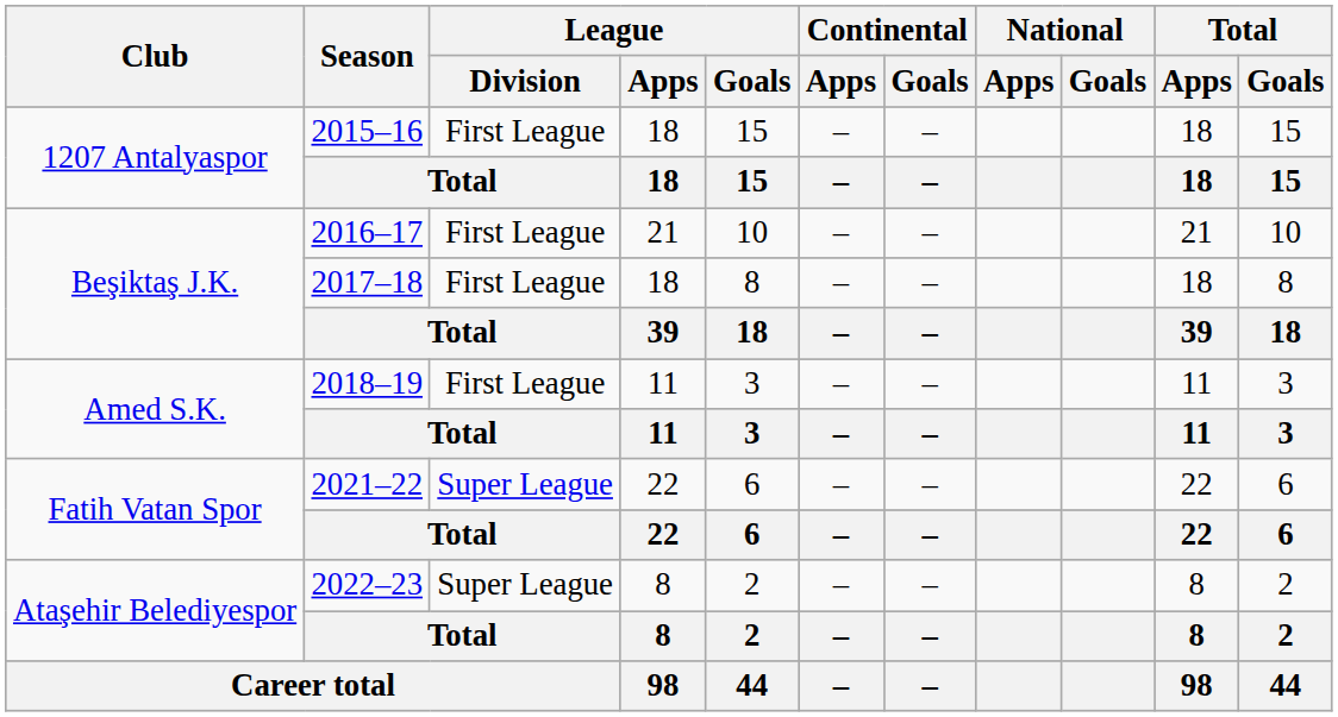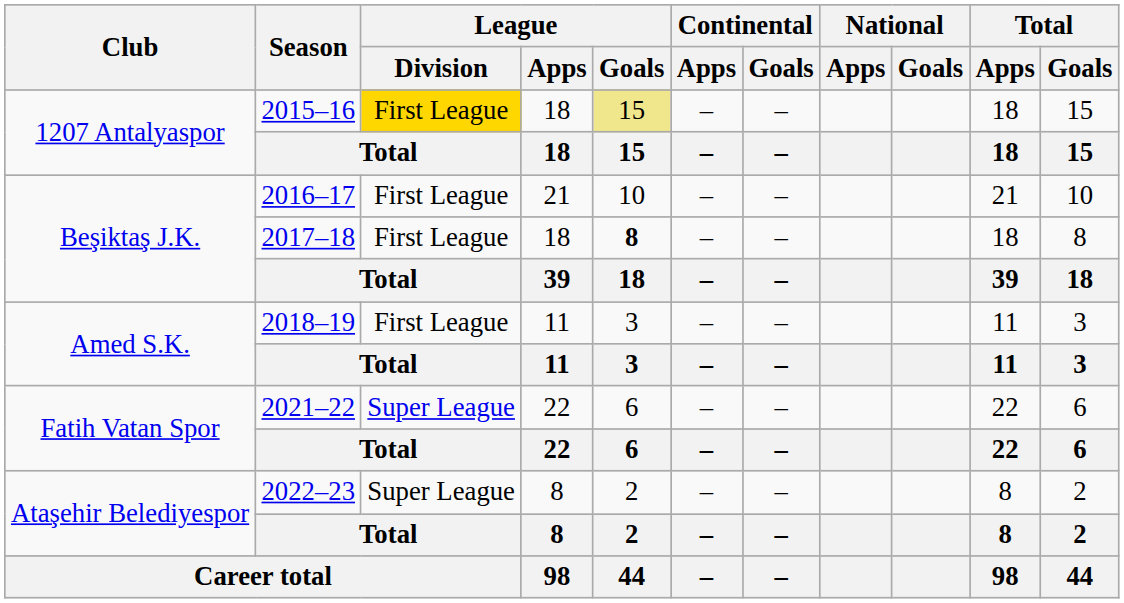 <table class="wikitable" style="text-align: center;">
 <tr>
 <th rowspan="2">Club</th>
 <th rowspan="2">Season</th>
 <th colspan="3">League</th>
 <th colspan="2">Continental</th>
 <th colspan="2">National</th>
 <th colspan="2">Total</th>
 </tr>
 <tr>
 <th>Division</th>
 <th>Apps</th>
 <th>Goals</th>
 <th>Apps</th>
 <th>Goals</th>
 <th>Apps</th>
 <th>Goals</th>
 <th>Apps</th>
 <th>Goals</th>
 </tr>
 <tr>
 <td rowspan=2><a href='#'>1207 Antalyaspor</a></td>
 <td><a href='#'>2015–16</a></td>
-<td>First League</td>
+<td style="background: gold;">First League</td>
 <td>18</td>
-<td>15</td>
+<td style="background: khaki;">15</td>
 <td>–</td>
 <td>–</td>
 <td></td>
 <td></td>
 <td>18</td>
 <td>15</td>
 </tr>
 <tr>
 <th colspan="2">Total</th>
 <th>18</th>
 <th>15</th>
 <th>–</th>
 <th>–</th>
 <th></th>
 <th></th>
 <th>18</th>
 <th>15</th>
 </tr>
 <tr>
 <td rowspan=3><a href='#'>Beşiktaş J.K.</a></td>
 <td><a href='#'>2016–17</a></td>
 <td>First League</td>
 <td>21</td>
 <td>10</td>
 <td>–</td>
 <td>–</td>
 <td></td>
 <td></td>
 <td>21</td>
 <td>10</td>
 </tr>
 <tr>
 <td><a href='#'>2017–18</a></td>
 <td>First League</td>
 <td>18</td>
-<td>8</td>
+<td><strong>8</strong></td>
 <td>–</td>
 <td>–</td>
 <td></td>
 <td></td>
 <td>18</td>
 <td>8</td>
 </tr>
 <tr>
 <th colspan="2">Total</th>
 <th>39</th>
 <th>18</th>
 <th>–</th>
 <th>–</th>
 <th></th>
 <th></th>
 <th>39</th>
 <th>18</th>
 </tr>
 <tr>
 <td rowspan=2><a href='#'>Amed S.K.</a></td>
 <td><a href='#'>2018–19</a></td>
 <td>First League</td>
 <td>11</td>
 <td>3</td>
 <td>–</td>
 <td>–</td>
 <td></td>
 <td></td>
 <td>11</td>
 <td>3</td>
 </tr>
 <tr>
 <th colspan="2">Total</th>
 <th>11</th>
 <th>3</th>
 <th>–</th>
 <th>–</th>
 <th></th>
 <th></th>
 <th>11</th>
 <th>3</th>
 </tr>
 <tr>
 <td rowspan=2><a href='#'>Fatih Vatan Spor</a></td>
 <td><a href='#'>2021–22</a></td>
 <td><a href='#'>Super League</a></td>
 <td>22</td>
 <td>6</td>
 <td>–</td>
 <td>–</td>
 <td></td>
 <td></td>
 <td>22</td>
 <td>6</td>
 </tr>
 <tr>
 <th colspan=2>Total</th>
 <th>22</th>
 <th>6</th>
 <th>–</th>
 <th>–</th>
 <th></th>
 <th></th>
 <th>22</th>
 <th>6</th>
 </tr>
 <tr>
 <td rowspan=2><a href='#'>Ataşehir Belediyespor</a></td>
 <td><a href='#'>2022–23</a></td>
 <td>Super League</td>
 <td>8</td>
 <td>2</td>
 <td>–</td>
 <td>–</td>
 <td></td>
 <td></td>
 <td>8</td>
 <td>2</td>
 </tr>
 <tr>
 <th colspan=2>Total</th>
 <th>8</th>
 <th>2</th>
 <th>–</th>
 <th>–</th>
 <th></th>
 <th></th>
 <th>8</th>
 <th>2</th>
 </tr>
 <tr>
 <th colspan="3">Career total</th>
 <th>98</th>
 <th>44</th>
 <th>–</th>
 <th>–</th>
 <th></th>
 <th></th>
 <th>98</th>
 <th>44</th>
 </tr>
 </table>
